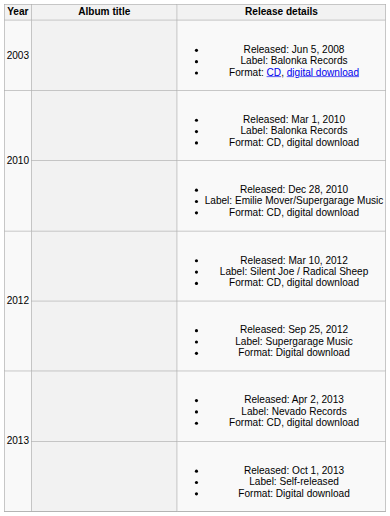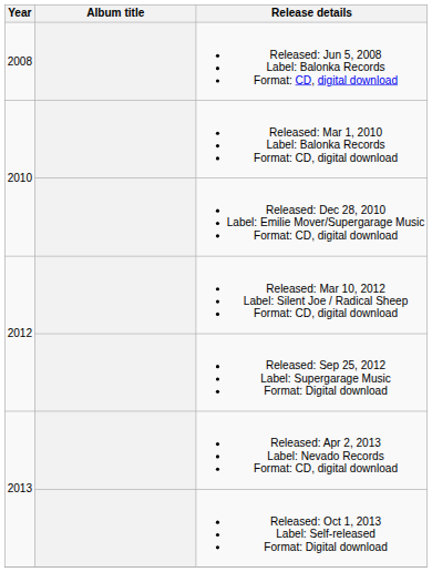 <table class="wikitable plainrowheaders" style="text-align:center;">
 <tr>
 <th>Year</th>
 <th scope="col" rowspan="1" style="width:14em;">Album title</th>
 <th scope="col" rowspan="1">Release details</th>
 </tr>
 <tr>
-<td>2003</td>
+<td>2008</td>
 <th></th>
 <td><br><ul><li>Released: Jun 5, 2008</li><li>Label: Balonka Records</li><li>Format: <a href='#'>CD</a>, <a href='#'>digital download</a></li></ul></td>
 </tr>
 <tr>
 <td rowspan="2">2010</td>
 <th></th>
 <td><br><ul><li>Released: Mar 1, 2010</li><li>Label: Balonka Records</li><li>Format: CD, digital download</li></ul></td>
 </tr>
 <tr>
 <th></th>
 <td><br><ul><li>Released: Dec 28, 2010</li><li>Label: Emilie Mover/Supergarage Music</li><li>Format: CD, digital download</li></ul></td>
 </tr>
 <tr>
 <td rowspan="2">2012</td>
 <th></th>
 <td><br><ul><li>Released: Mar 10, 2012</li><li>Label: Silent Joe / Radical Sheep</li><li>Format: CD, digital download</li></ul></td>
 </tr>
 <tr>
 <th></th>
 <td><br><ul><li>Released: Sep 25, 2012</li><li>Label: Supergarage Music</li><li>Format: Digital download</li></ul></td>
 </tr>
 <tr>
 <td rowspan="2">2013</td>
 <th></th>
 <td><br><ul><li>Released: Apr 2, 2013</li><li>Label: Nevado Records</li><li>Format: CD, digital download</li></ul></td>
 </tr>
 <tr>
 <th></th>
 <td><br><ul><li>Released: Oct 1, 2013</li><li>Label: Self-released</li><li>Format: Digital download</li></ul></td>
 </tr>
 <tr>
 </tr>
 </table>
